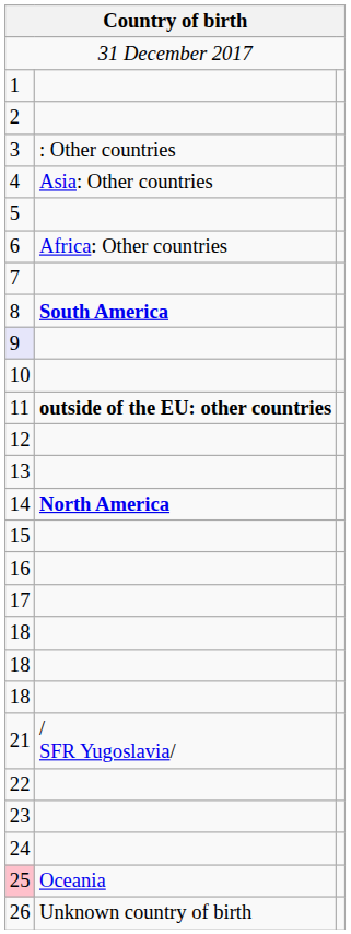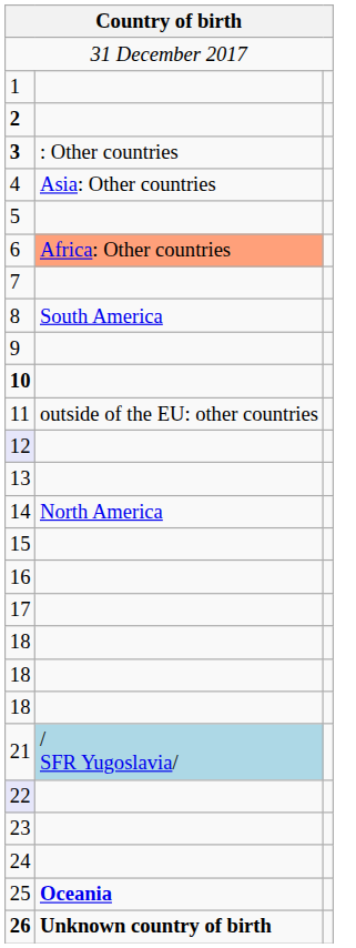 <table class="wikitable collapsible collapsed">
 <tr>
 <th colspan=3>Country of birth</th>
 </tr>
 <tr>
 <td colspan=3 style="text-align:center;"><em>31 December 2017</em></td>
 </tr>
 <tr>
 <td>1</td>
 <td></td>
 <td align=right></td>
 </tr>
 <tr>
-<td>2</td>
+<td><strong>2</strong></td>
 <td></td>
 <td align=right></td>
 </tr>
 <tr>
-<td>3</td>
+<td><strong>3</strong></td>
 <td>: Other countries</td>
 <td align=right></td>
 </tr>
 <tr>
 <td>4</td>
 <td><a href='#'>Asia</a>: Other countries</td>
 <td align=right></td>
 </tr>
 <tr>
 <td>5</td>
 <td></td>
 <td align=right></td>
 </tr>
 <tr>
 <td>6</td>
-<td><a href='#'>Africa</a>: Other countries</td>
+<td style="background: lightsalmon;"><a href='#'>Africa</a>: Other countries</td>
 <td align=right></td>
 </tr>
 <tr>
 <td>7</td>
 <td></td>
 <td align=right></td>
 </tr>
 <tr>
 <td>8</td>
-<td><strong><a href='#'>South America</a></strong></td>
+<td><a href='#'>South America</a></td>
 <td align=right></td>
 </tr>
 <tr>
-<td style="background: lavender;">9</td>
+<td>9</td>
 <td></td>
 <td align=right></td>
 </tr>
 <tr>
-<td>10</td>
+<td><strong>10</strong></td>
 <td></td>
 <td align=right></td>
 </tr>
 <tr>
 <td>11</td>
-<td><strong> outside of the EU: other countries</strong></td>
+<td> outside of the EU: other countries</td>
 <td align=right></td>
 </tr>
 <tr>
-<td>12</td>
+<td style="background: lavender;">12</td>
 <td></td>
 <td align=right></td>
 </tr>
 <tr>
 <td>13</td>
 <td></td>
 <td align=right></td>
 </tr>
 <tr>
 <td>14</td>
-<td><strong><a href='#'>North America</a></strong></td>
+<td><a href='#'>North America</a></td>
 <td align=right></td>
 </tr>
 <tr>
 <td>15</td>
 <td></td>
 <td align=right></td>
 </tr>
 <tr>
 <td>16</td>
 <td></td>
 <td align=right></td>
 </tr>
 <tr>
 <td>17</td>
 <td></td>
 <td align=right></td>
 </tr>
 <tr>
 <td>18</td>
 <td></td>
 <td align=right></td>
 </tr>
 <tr>
 <td>18</td>
 <td></td>
 <td align=right></td>
 </tr>
 <tr>
 <td>18</td>
 <td></td>
 <td align=right></td>
 </tr>
 <tr>
 <td>21</td>
-<td>/<br><a href='#'>SFR Yugoslavia</a>/</td>
+<td style="background: lightblue;">/<br><a href='#'>SFR Yugoslavia</a>/</td>
 <td align=right></td>
 </tr>
 <tr>
-<td>22</td>
+<td style="background: lavender;">22</td>
 <td></td>
 <td align=right></td>
 </tr>
 <tr>
 <td>23</td>
 <td></td>
 <td align=right></td>
 </tr>
 <tr>
 <td>24</td>
 <td></td>
 <td align=right></td>
 </tr>
 <tr>
-<td style="background: pink;">25</td>
-<td><a href='#'>Oceania</a></td>
+<td>25</td>
+<td><strong><a href='#'>Oceania</a></strong></td>
 <td align=right></td>
 </tr>
 <tr>
-<td>26</td>
-<td>Unknown country of birth</td>
+<td><strong>26</strong></td>
+<td><strong>Unknown country of birth</strong></td>
 <td align=right></td>
 </tr>
 </table>
